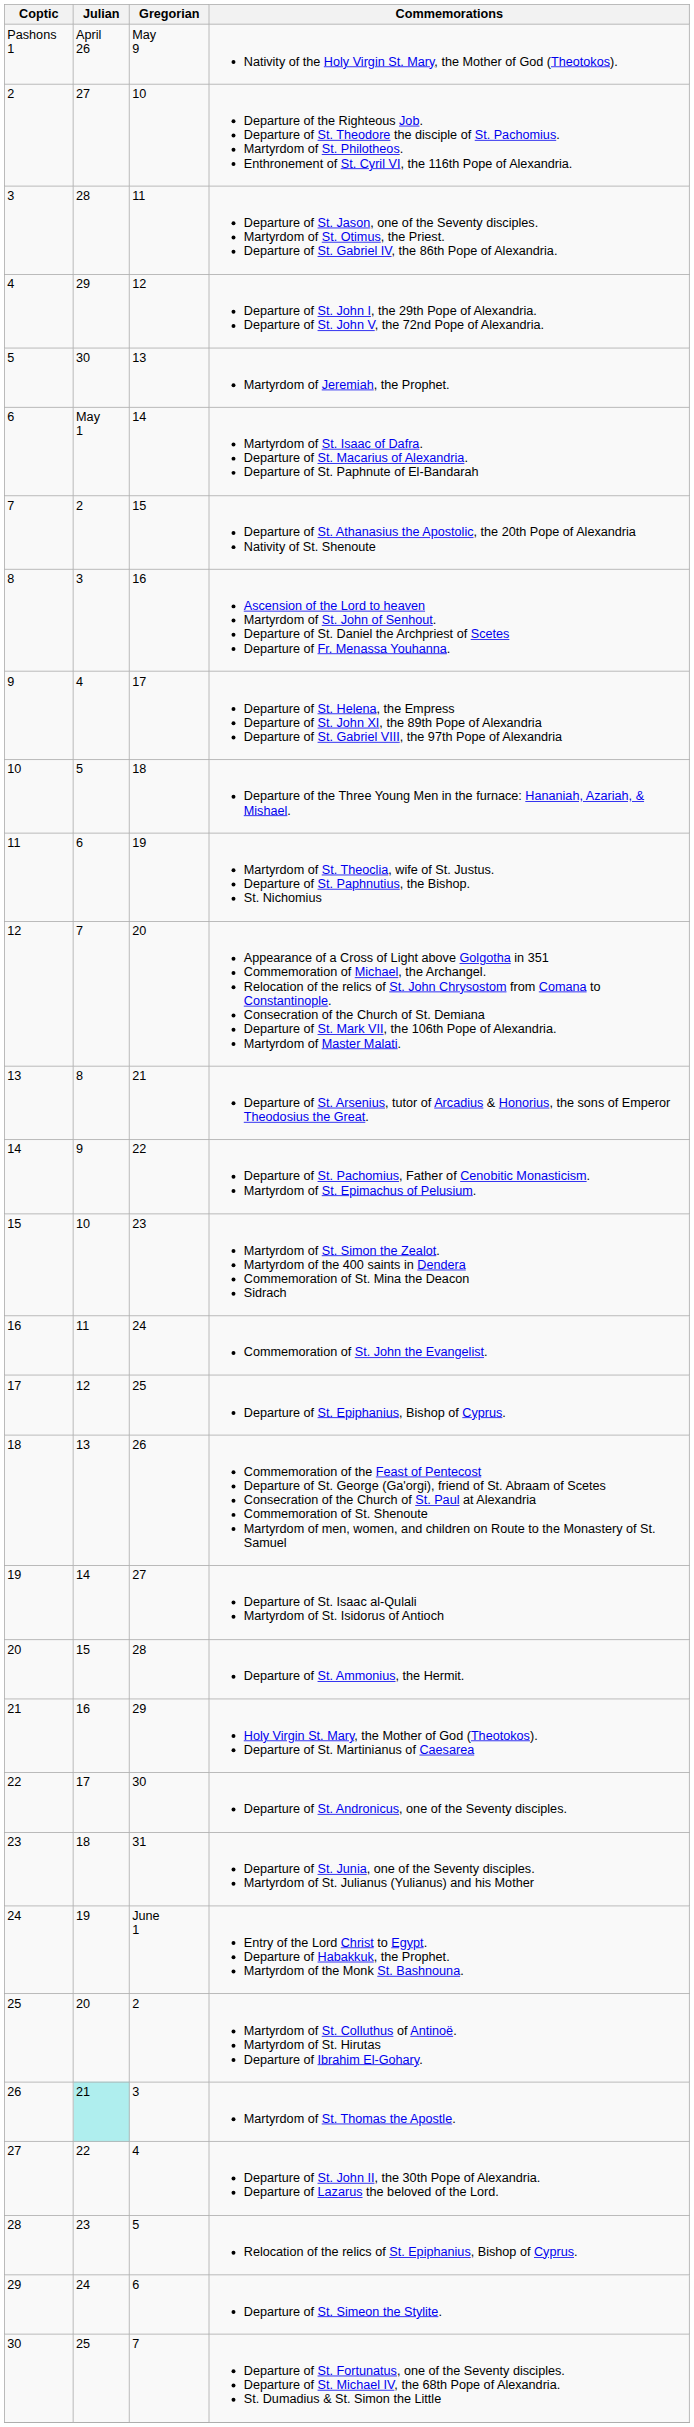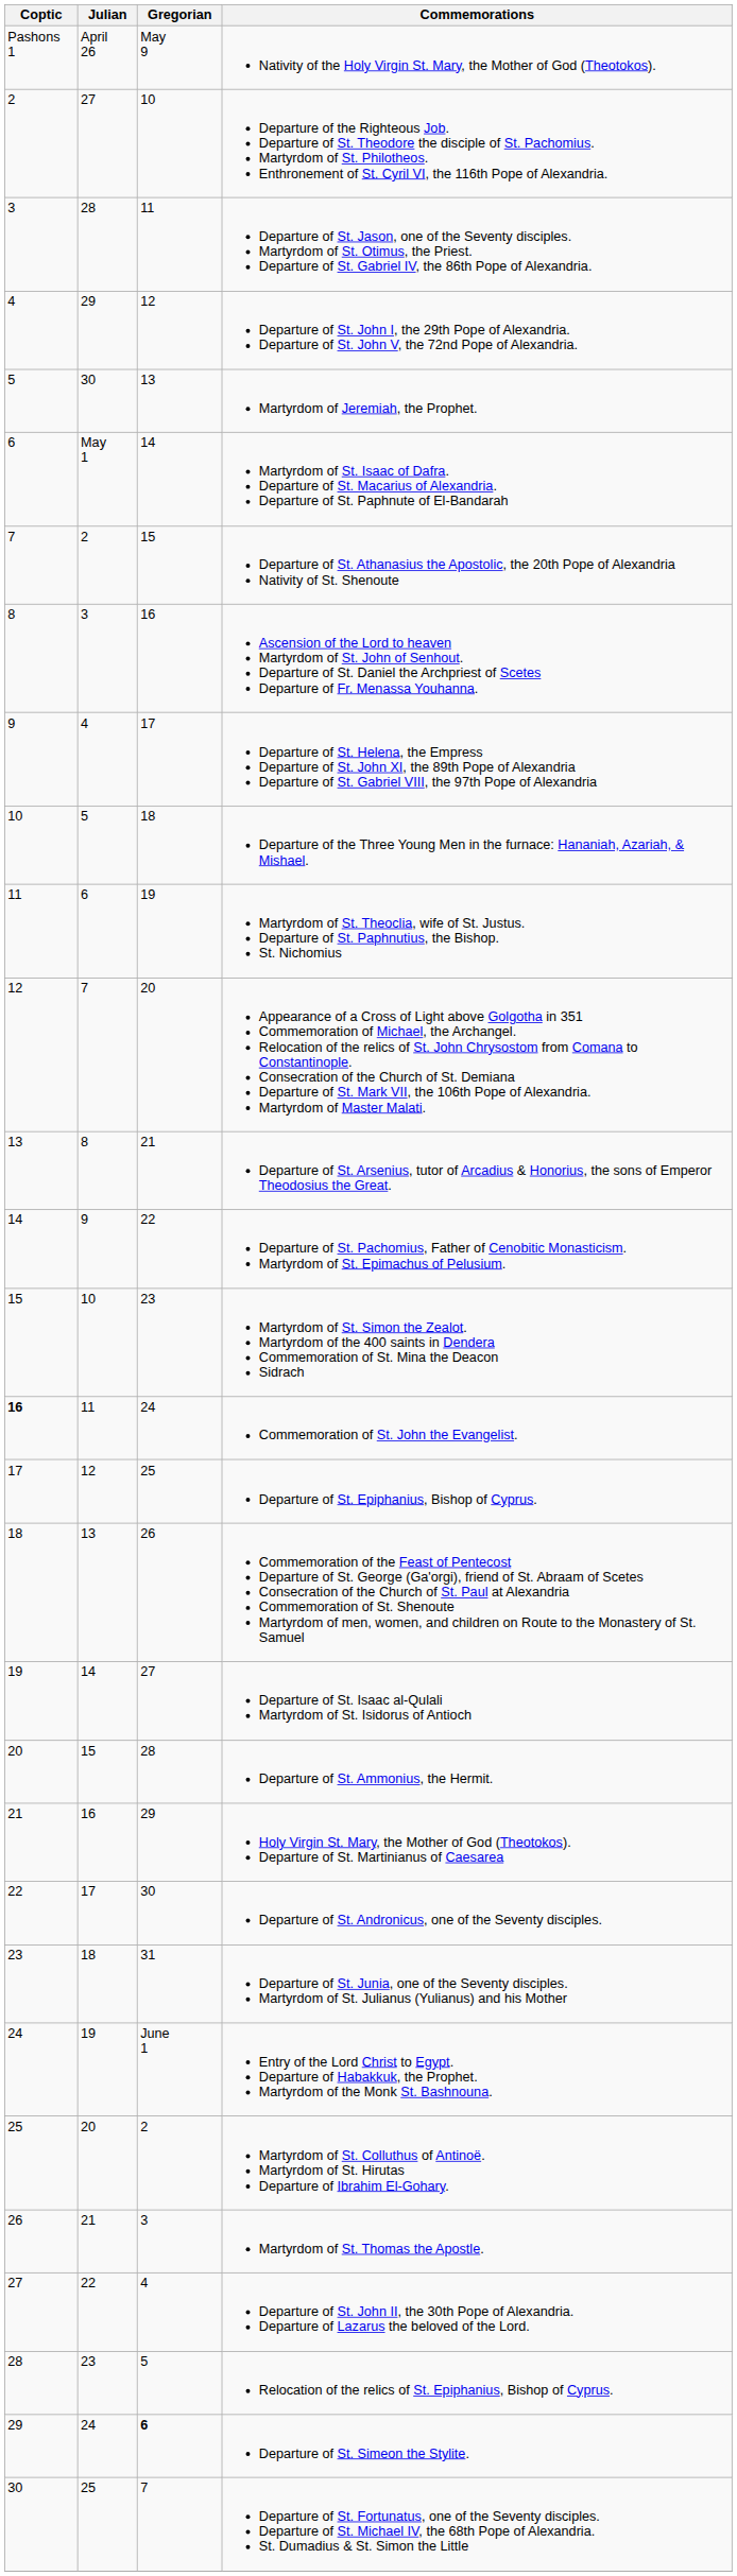 <table class="wikitable">
 <tr>
 <th style="width:5%;">Coptic</th>
 <th style="width:5%;">Julian</th>
 <th style="width:5%;">Gregorian</th>
 <th style="width:50%;">Commemorations</th>
 </tr>
 <tr valign="top">
 <td>Pashons<br>1</td>
 <td>April<br>26</td>
 <td>May<br>9</td>
 <td><br><ul><li>Nativity of the <a href='#'>Holy Virgin St. Mary</a>, the Mother of God (<a href='#'>Theotokos</a>).</li></ul></td>
 </tr>
 <tr valign="top">
 <td>2</td>
 <td>27</td>
 <td>10</td>
 <td><br><ul><li>Departure of the Righteous <a href='#'>Job</a>.</li><li>Departure of <a href='#'>St. Theodore</a> the disciple of <a href='#'>St. Pachomius</a>.</li><li>Martyrdom of <a href='#'>St. Philotheos</a>.</li><li>Enthronement of <a href='#'>St. Cyril VI</a>, the 116th Pope of Alexandria.</li></ul></td>
 </tr>
 <tr valign="top">
 <td>3</td>
 <td>28</td>
 <td>11</td>
 <td><br><ul><li>Departure of <a href='#'>St. Jason</a>, one of the Seventy disciples.</li><li>Martyrdom of <a href='#'>St. Otimus</a>, the Priest.</li><li>Departure of <a href='#'>St. Gabriel IV</a>, the 86th Pope of Alexandria.</li></ul></td>
 </tr>
 <tr valign="top">
 <td>4</td>
 <td>29</td>
 <td>12</td>
 <td><br><ul><li>Departure of <a href='#'>St. John I</a>, the 29th Pope of Alexandria.</li><li>Departure of <a href='#'>St. John V</a>, the 72nd Pope of Alexandria.</li></ul></td>
 </tr>
 <tr valign="top">
 <td>5</td>
 <td>30</td>
 <td>13</td>
 <td><br><ul><li>Martyrdom of <a href='#'>Jeremiah</a>, the Prophet.</li></ul></td>
 </tr>
 <tr valign="top">
 <td>6</td>
 <td>May<br>1</td>
 <td>14</td>
 <td><br><ul><li>Martyrdom of <a href='#'>St. Isaac of Dafra</a>.</li><li>Departure of <a href='#'>St. Macarius of Alexandria</a>.</li><li>Departure of St. Paphnute of El-Bandarah</li></ul></td>
 </tr>
 <tr valign="top">
 <td>7</td>
 <td>2</td>
 <td>15</td>
 <td><br><ul><li>Departure of <a href='#'>St. Athanasius the Apostolic</a>, the 20th Pope of Alexandria</li><li>Nativity of St. Shenoute</li></ul></td>
 </tr>
 <tr valign="top">
 <td>8</td>
 <td>3</td>
 <td>16</td>
 <td><br><ul><li><a href='#'>Ascension of the Lord to heaven</a></li><li>Martyrdom of <a href='#'>St. John of Senhout</a>.</li><li>Departure of St. Daniel the Archpriest of <a href='#'>Scetes</a></li><li>Departure of <a href='#'>Fr. Menassa Youhanna</a>.</li></ul></td>
 </tr>
 <tr valign="top">
 <td>9</td>
 <td>4</td>
 <td>17</td>
 <td><br><ul><li>Departure of <a href='#'>St. Helena</a>, the Empress</li><li>Departure of <a href='#'>St. John XI</a>, the 89th Pope of Alexandria</li><li>Departure of <a href='#'>St. Gabriel VIII</a>, the 97th Pope of Alexandria</li></ul></td>
 </tr>
 <tr valign="top">
 <td>10</td>
 <td>5</td>
 <td>18</td>
 <td><br><ul><li>Departure of the Three Young Men in the furnace: <a href='#'>Hananiah, Azariah, & Mishael</a>.</li></ul></td>
 </tr>
 <tr valign="top">
 <td>11</td>
 <td>6</td>
 <td>19</td>
 <td><br><ul><li>Martyrdom of <a href='#'>St. Theoclia</a>, wife of St. Justus.</li><li>Departure of <a href='#'>St. Paphnutius</a>, the Bishop.</li><li>St. Nichomius</li></ul></td>
 </tr>
 <tr valign="top">
 <td>12</td>
 <td>7</td>
 <td>20</td>
 <td><br><ul><li>Appearance of a Cross of Light above <a href='#'>Golgotha</a> in 351</li><li>Commemoration of <a href='#'>Michael</a>, the Archangel.</li><li>Relocation of the relics of <a href='#'>St. John Chrysostom</a> from <a href='#'>Comana</a> to <a href='#'>Constantinople</a>.</li><li>Consecration of the Church of St. Demiana</li><li>Departure of <a href='#'>St. Mark VII</a>, the 106th Pope of Alexandria.</li><li>Martyrdom of <a href='#'>Master Malati</a>.</li></ul></td>
 </tr>
 <tr valign="top">
 <td>13</td>
 <td>8</td>
 <td>21</td>
 <td><br><ul><li>Departure of <a href='#'>St. Arsenius</a>, tutor of <a href='#'>Arcadius</a> & <a href='#'>Honorius</a>, the sons of Emperor <a href='#'>Theodosius the Great</a>.</li></ul></td>
 </tr>
 <tr valign="top">
 <td>14</td>
 <td>9</td>
 <td>22</td>
 <td><br><ul><li>Departure of <a href='#'>St. Pachomius</a>, Father of <a href='#'>Cenobitic Monasticism</a>.</li><li>Martyrdom of <a href='#'>St. Epimachus of Pelusium</a>.</li></ul></td>
 </tr>
 <tr valign="top">
 <td>15</td>
 <td>10</td>
 <td>23</td>
 <td><br><ul><li>Martyrdom of <a href='#'>St. Simon the Zealot</a>.</li><li>Martyrdom of the 400 saints in <a href='#'>Dendera</a></li><li>Commemoration of St. Mina the Deacon</li><li>Sidrach</li></ul></td>
 </tr>
 <tr valign="top">
-<td>16</td>
+<td><strong>16</strong></td>
 <td>11</td>
 <td>24</td>
 <td><br><ul><li>Commemoration of <a href='#'>St. John the Evangelist</a>.</li></ul></td>
 </tr>
 <tr valign="top">
 <td>17</td>
 <td>12</td>
 <td>25</td>
 <td><br><ul><li>Departure of <a href='#'>St. Epiphanius</a>, Bishop of <a href='#'>Cyprus</a>.</li></ul></td>
 </tr>
 <tr valign="top">
 <td>18</td>
 <td>13</td>
 <td>26</td>
 <td><br><ul><li>Commemoration of the <a href='#'>Feast of Pentecost</a></li><li>Departure of St. George (Ga'orgi), friend of St. Abraam of Scetes</li><li>Consecration of the Church of <a href='#'>St. Paul</a> at Alexandria</li><li>Commemoration of St. Shenoute</li><li>Martyrdom of men, women, and children on Route to the Monastery of St. Samuel</li></ul></td>
 </tr>
 <tr valign="top">
 <td>19</td>
 <td>14</td>
 <td>27</td>
 <td><br><ul><li>Departure of St. Isaac al-Qulali</li><li>Martyrdom of St. Isidorus of Antioch</li></ul></td>
 </tr>
 <tr valign="top">
 <td>20</td>
 <td>15</td>
 <td>28</td>
 <td><br><ul><li>Departure of <a href='#'>St. Ammonius</a>, the Hermit.</li></ul></td>
 </tr>
 <tr valign="top">
 <td>21</td>
 <td>16</td>
 <td>29</td>
 <td><br><ul><li><a href='#'>Holy Virgin St. Mary</a>, the Mother of God (<a href='#'>Theotokos</a>).</li><li>Departure of St. Martinianus of <a href='#'>Caesarea</a></li></ul></td>
 </tr>
 <tr valign="top">
 <td>22</td>
 <td>17</td>
 <td>30</td>
 <td><br><ul><li>Departure of <a href='#'>St. Andronicus</a>, one of the Seventy disciples.</li></ul></td>
 </tr>
 <tr valign="top">
 <td>23</td>
 <td>18</td>
 <td>31</td>
 <td><br><ul><li>Departure of <a href='#'>St. Junia</a>, one of the Seventy disciples.</li><li>Martyrdom of St. Julianus (Yulianus) and his Mother</li></ul></td>
 </tr>
 <tr valign="top">
 <td>24</td>
 <td>19</td>
 <td>June<br>1</td>
 <td><br><ul><li>Entry of the Lord <a href='#'>Christ</a> to <a href='#'>Egypt</a>.</li><li>Departure of <a href='#'>Habakkuk</a>, the Prophet.</li><li>Martyrdom of the Monk <a href='#'>St. Bashnouna</a>.</li></ul></td>
 </tr>
 <tr valign="top">
 <td>25</td>
 <td>20</td>
 <td>2</td>
 <td><br><ul><li>Martyrdom of <a href='#'>St. Colluthus</a> of <a href='#'>Antinoë</a>.</li><li>Martyrdom of St. Hirutas</li><li>Departure of <a href='#'>Ibrahim El-Gohary</a>.</li></ul></td>
 </tr>
 <tr valign="top">
 <td>26</td>
-<td style="background: paleturquoise;">21</td>
+<td>21</td>
 <td>3</td>
 <td><br><ul><li>Martyrdom of <a href='#'>St. Thomas the Apostle</a>.</li></ul></td>
 </tr>
 <tr valign="top">
 <td>27</td>
 <td>22</td>
 <td>4</td>
 <td><br><ul><li>Departure of <a href='#'>St. John II</a>, the 30th Pope of Alexandria.</li><li>Departure of <a href='#'>Lazarus</a> the beloved of the Lord.</li></ul></td>
 </tr>
 <tr valign="top">
 <td>28</td>
 <td>23</td>
 <td>5</td>
 <td><br><ul><li>Relocation of the relics of <a href='#'>St. Epiphanius</a>, Bishop of <a href='#'>Cyprus</a>.</li></ul></td>
 </tr>
 <tr valign="top">
 <td>29</td>
 <td>24</td>
-<td>6</td>
+<td><strong>6</strong></td>
 <td><br><ul><li>Departure of <a href='#'>St. Simeon the Stylite</a>.</li></ul></td>
 </tr>
 <tr valign="top">
 <td>30</td>
 <td>25</td>
 <td>7</td>
 <td><br><ul><li>Departure of <a href='#'>St. Fortunatus</a>, one of the Seventy disciples.</li><li>Departure of <a href='#'>St. Michael IV</a>, the 68th Pope of Alexandria.</li><li>St. Dumadius & St. Simon the Little</li></ul></td>
 </tr>
 <tr valign="top">
 </tr>
 </table>
